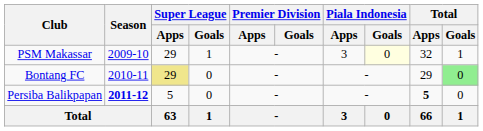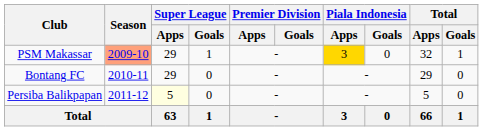 <table class="wikitable" style="font-size:90%; text-align:center;">
 <tr>
 <th rowspan="2">Club</th>
 <th rowspan="2">Season</th>
 <th colspan="2"><a href='#'>Super League</a></th>
 <th colspan="2"><a href='#'>Premier Division</a></th>
 <th colspan="2"><a href='#'>Piala Indonesia</a></th>
 <th colspan="2">Total</th>
 </tr>
 <tr>
 <th>Apps</th>
 <th>Goals</th>
 <th>Apps</th>
 <th>Goals</th>
 <th>Apps</th>
 <th>Goals</th>
 <th>Apps</th>
 <th>Goals</th>
 </tr>
 <tr>
 <td rowspan="1"><a href='#'>PSM Makassar</a></td>
-<td><a href='#'>2009-10</a></td>
+<td style="background: lightsalmon;"><a href='#'>2009-10</a></td>
 <td>29</td>
 <td>1</td>
 <td colspan="2">-</td>
-<td>3</td>
-<td style="background: lightyellow;">0</td>
+<td style="background: gold;">3</td>
+<td>0</td>
 <td>32</td>
 <td>1</td>
 </tr>
 <tr>
 <td rowspan="1"><a href='#'>Bontang FC</a></td>
 <td><a href='#'>2010-11</a></td>
-<td style="background: khaki;">29</td>
+<td>29</td>
 <td>0</td>
 <td colspan="2">-</td>
 <td colspan="2">-</td>
 <td>29</td>
-<td style="background: lightgreen;">0</td>
+<td>0</td>
 </tr>
 <tr>
 <td rowspan="1"><a href='#'>Persiba Balikpapan</a></td>
-<td><strong><a href='#'>2011-12</a></strong></td>
-<td>5</td>
+<td><a href='#'>2011-12</a></td>
+<td style="background: lightyellow;">5</td>
 <td>0</td>
 <td colspan="2">-</td>
 <td colspan="2">-</td>
-<td><strong>5</strong></td>
+<td>5</td>
 <td>0</td>
 </tr>
 <tr>
 <th colspan="2">Total</th>
 <th>63</th>
 <th>1</th>
 <th colspan="2">-</th>
 <th>3</th>
 <th>0</th>
 <th>66</th>
 <th>1</th>
 </tr>
 </table>
